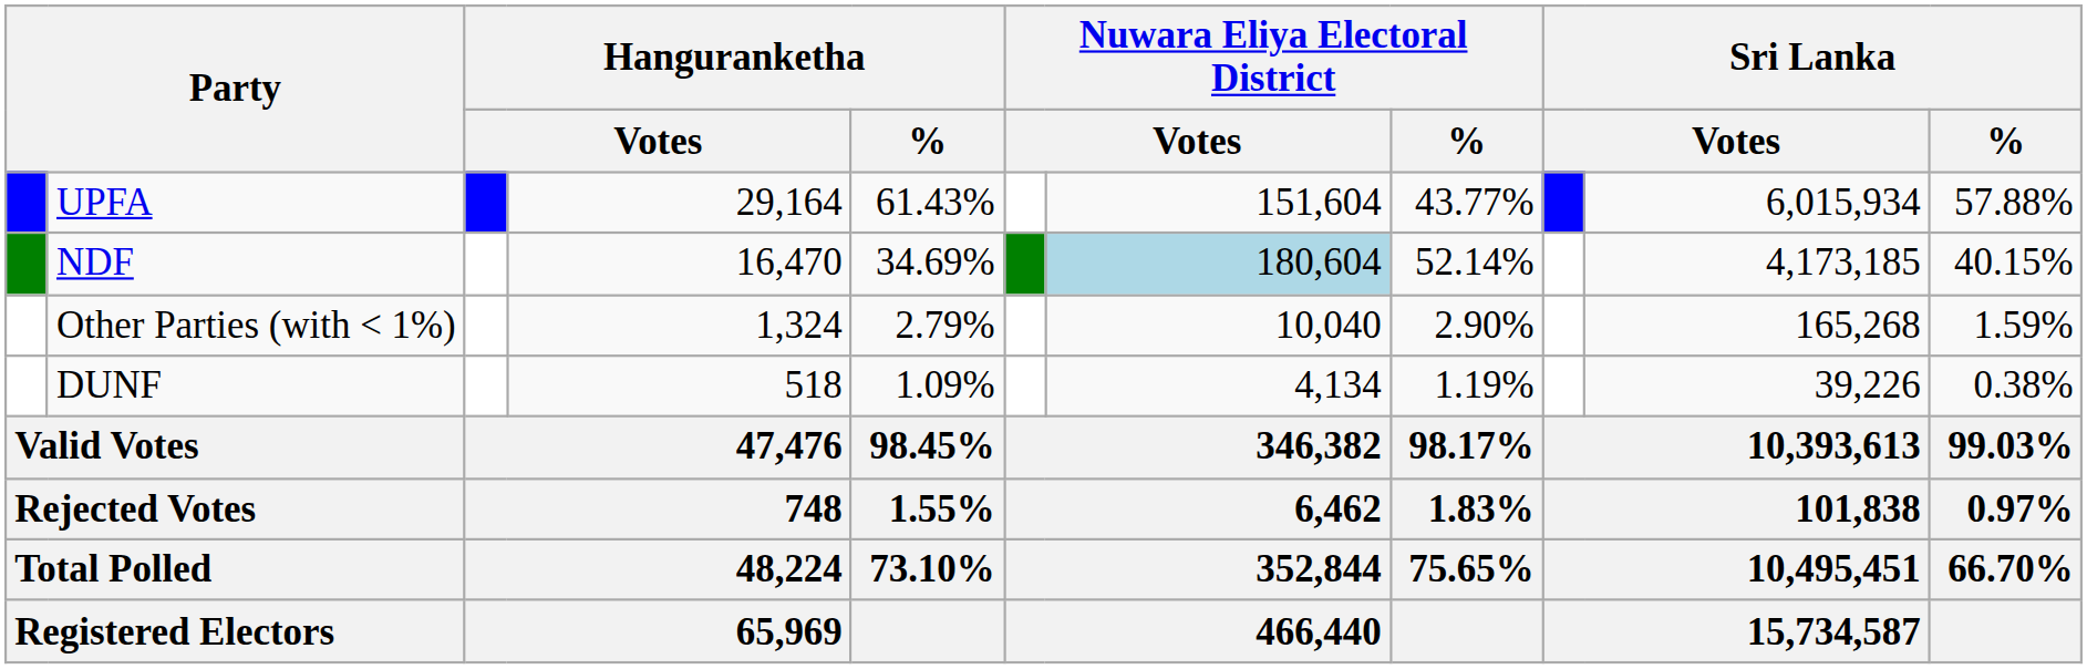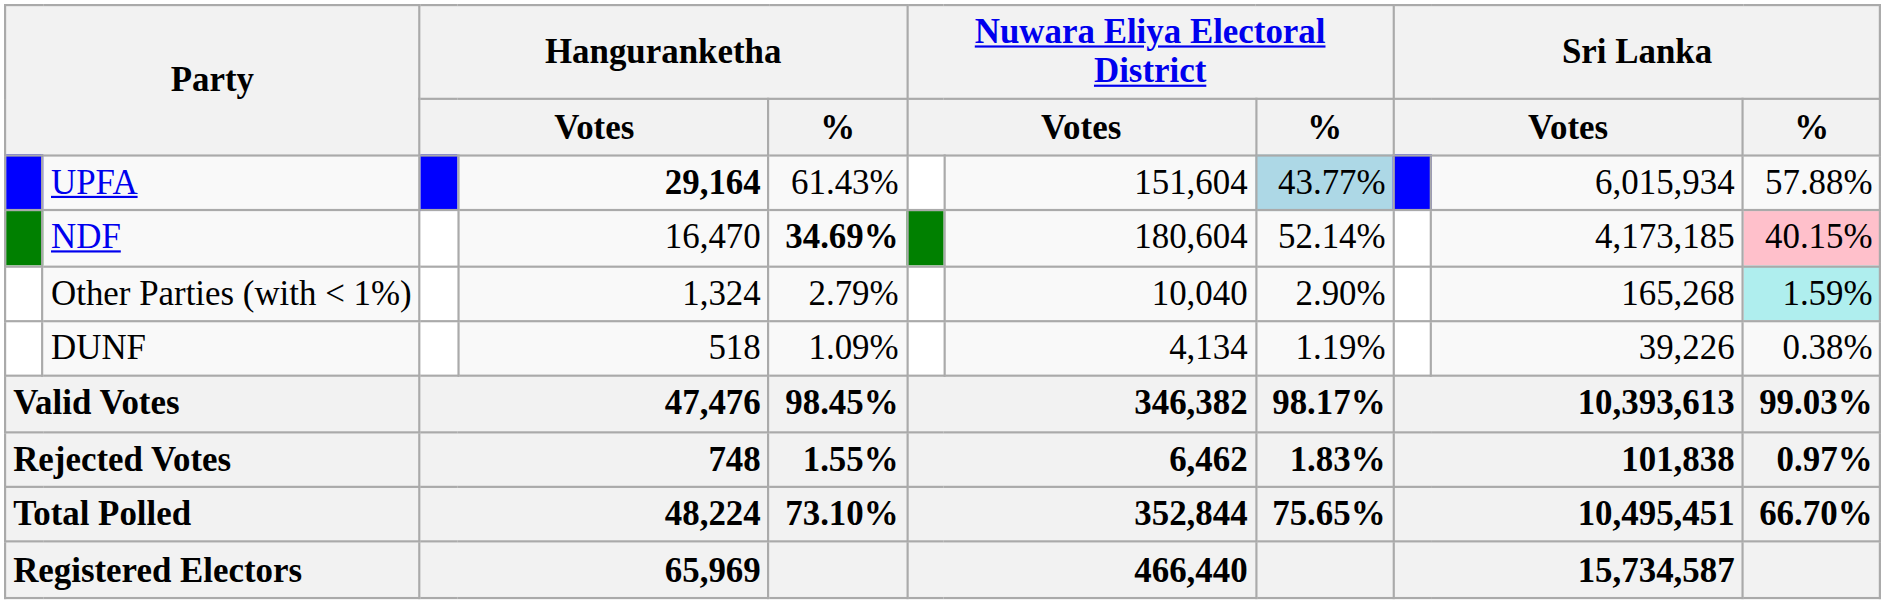 <table class="wikitable">
 <tr>
 <th colspan="2" width="144px"rowspan="2">Party</th>
 <th colspan="3" width="216px">Hanguranketha</th>
 <th colspan="3" width="216px"><a href='#'>Nuwara Eliya Electoral District</a></th>
 <th colspan="3" width="216px">Sri Lanka</th>
 </tr>
 <tr>
 <th colspan="2" width="144px">Votes</th>
 <th>%</th>
 <th colspan="2" width="144px">Votes</th>
 <th>%</th>
 <th colspan="2" width="144px">Votes</th>
 <th>%</th>
 </tr>
 <tr>
 <td style="background-color:blue;" width="10px"></td>
 <td style="text-align:left;"><a href='#'>UPFA</a></td>
 <td style="background-color:blue;" width="10px"></td>
-<td style="text-align:right;">29,164</td>
+<td style="text-align:right;"><strong>29,164</strong></td>
 <td style="text-align:right;">61.43%</td>
 <td style="background-color:white;" width="10px"></td>
 <td style="text-align:right;">151,604</td>
-<td style="text-align:right;">43.77%</td>
+<td style="background: lightblue; text-align:right;">43.77%</td>
 <td style="background-color:blue;" width="10px"></td>
 <td style="text-align:right;">6,015,934</td>
 <td style="text-align:right;">57.88%</td>
 </tr>
 <tr>
 <td style="background-color:green;" width="10px"></td>
 <td style="text-align:left;"><a href='#'>NDF</a></td>
 <td style="background-color:white;" width="10px"></td>
 <td style="text-align:right;">16,470</td>
-<td style="text-align:right;">34.69%</td>
+<td style="text-align:right;"><strong>34.69%</strong></td>
 <td style="background-color:green;" width="10px"></td>
-<td style="background: lightblue; text-align:right;">180,604</td>
+<td style="text-align:right;">180,604</td>
 <td style="text-align:right;">52.14%</td>
 <td style="background-color:white;" width="10px"></td>
 <td style="text-align:right;">4,173,185</td>
-<td style="text-align:right;">40.15%</td>
+<td style="background: pink; text-align:right;">40.15%</td>
 </tr>
 <tr>
 <td style="background-color:white;" width="10px"></td>
 <td style="text-align:left;">Other Parties (with < 1%)</td>
 <td style="background-color:white;" width="10px"></td>
 <td style="text-align:right;">1,324</td>
 <td style="text-align:right;">2.79%</td>
 <td style="background-color:white;" width="10px"></td>
 <td style="text-align:right;">10,040</td>
 <td style="text-align:right;">2.90%</td>
 <td style="background-color:white;" width="10px"></td>
 <td style="text-align:right;">165,268</td>
-<td style="text-align:right;">1.59%</td>
+<td style="background: paleturquoise; text-align:right;">1.59%</td>
 </tr>
 <tr>
 <td style="background-color:white;" width="10px"></td>
 <td style="text-align:left;">DUNF</td>
 <td style="background-color:white;" width="10px"></td>
 <td style="text-align:right;">518</td>
 <td style="text-align:right;">1.09%</td>
 <td style="background-color:white;" width="10px"></td>
 <td style="text-align:right;">4,134</td>
 <td style="text-align:right;">1.19%</td>
 <td style="background-color:white;" width="10px"></td>
 <td style="text-align:right;">39,226</td>
 <td style="text-align:right;">0.38%</td>
 </tr>
 <tr>
 <th colspan="2" width="144px"style="text-align:left;">Valid Votes</th>
 <th style="text-align:right;"colspan="2" width="144px">47,476</th>
 <th style="text-align:right;">98.45%</th>
 <th style="text-align:right;"colspan="2" width="144px">346,382</th>
 <th style="text-align:right;">98.17%</th>
 <th style="text-align:right;"colspan="2" width="144px">10,393,613</th>
 <th style="text-align:right;">99.03%</th>
 </tr>
 <tr>
 <th colspan="2" width="144px"style="text-align:left;">Rejected Votes</th>
 <th style="text-align:right;"colspan="2" width="144px">748</th>
 <th style="text-align:right;">1.55%</th>
 <th style="text-align:right;"colspan="2" width="144px">6,462</th>
 <th style="text-align:right;">1.83%</th>
 <th style="text-align:right;"colspan="2" width="144px">101,838</th>
 <th style="text-align:right;">0.97%</th>
 </tr>
 <tr>
 <th colspan="2" width="144px"style="text-align:left;">Total Polled</th>
 <th style="text-align:right;"colspan="2" width="144px">48,224</th>
 <th style="text-align:right;">73.10%</th>
 <th style="text-align:right;"colspan="2" width="144px">352,844</th>
 <th style="text-align:right;">75.65%</th>
 <th style="text-align:right;"colspan="2" width="144px">10,495,451</th>
 <th style="text-align:right;">66.70%</th>
 </tr>
 <tr>
 <th colspan="2" width="144px"style="text-align:left;">Registered Electors</th>
 <th style="text-align:right;"colspan="2" width="144px">65,969</th>
 <th></th>
 <th style="text-align:right;"colspan="2" width="144px">466,440</th>
 <th></th>
 <th style="text-align:right;"colspan="2" width="144px">15,734,587</th>
 <th></th>
 </tr>
 </table>
